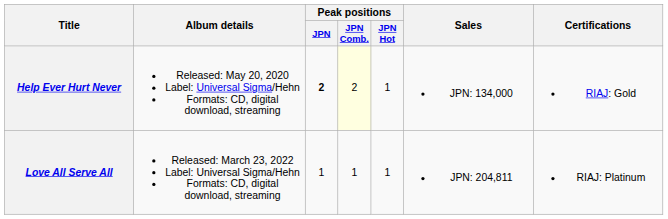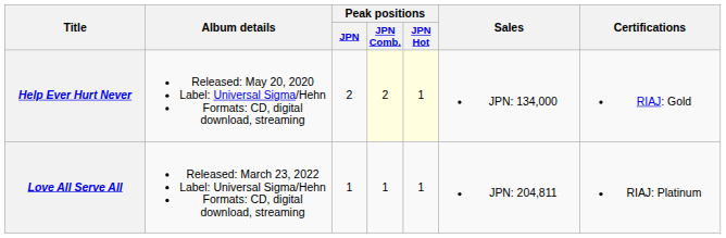 <table class="wikitable plainrowheaders" style="text-align:center;">
 <tr>
 <th rowspan="2" style="width:12em;">Title</th>
 <th rowspan="2" style="width:16em;">Album details</th>
 <th colspan="3">Peak positions</th>
 <th rowspan="2" style="width:12em;">Sales</th>
 <th rowspan="2" style="width:12em;">Certifications</th>
 </tr>
 <tr>
 <th scope="col" style="width:3em;font-size:90%;"><a href='#'>JPN</a><br></th>
 <th scope="col" style="width:3em;font-size:90%;"><a href='#'>JPN<br>Comb.</a><br></th>
 <th scope="col" style="width:3em;font-size:90%;"><a href='#'>JPN Hot</a><br></th>
 </tr>
 <tr>
 <th scope="row"><em><a href='#'>Help Ever Hurt Never</a></em></th>
 <td><br><ul><li>Released: May 20, 2020</li><li>Label: <a href='#'>Universal Sigma</a>/Hehn</li><li>Formats: CD, digital download, streaming</li></ul></td>
-<td><strong>2</strong></td>
+<td>2</td>
 <td style="background: lightyellow;">2</td>
-<td>1</td>
+<td style="background: lightyellow;">1</td>
 <td><br><ul><li>JPN: 134,000</li></ul></td>
 <td><br><ul><li><a href='#'>RIAJ</a>: Gold</li></ul></td>
 </tr>
 <tr>
 <th scope="row"><em><a href='#'>Love All Serve All</a></em></th>
 <td><br><ul><li>Released: March 23, 2022</li><li>Label: Universal Sigma/Hehn</li><li>Formats: CD, digital download, streaming</li></ul></td>
 <td>1</td>
 <td>1</td>
 <td>1</td>
 <td><br><ul><li>JPN: 204,811</li></ul></td>
 <td><br><ul><li>RIAJ: Platinum</li></ul></td>
 </tr>
 </table>
